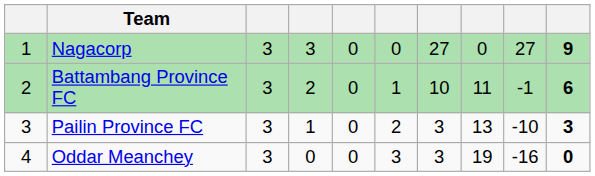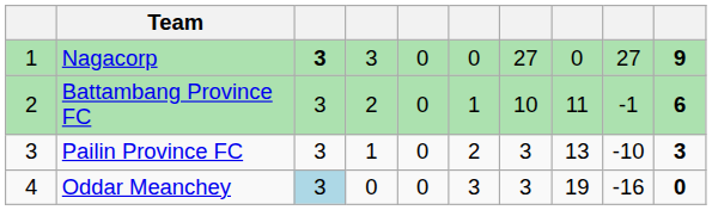 <table class="wikitable" style="text-align: center;">
 <tr>
 <th width=30></th>
 <th width=165>Team</th>
 <th width=30></th>
 <th width=30></th>
 <th width=30></th>
 <th width=30></th>
 <th width=30></th>
 <th width=30></th>
 <th width=30></th>
 <th width=30></th>
 </tr>
 <tr style="background:#ace1af;">
 <td>1</td>
 <td align=left><a href='#'>Nagacorp</a></td>
-<td>3</td>
+<td><strong>3</strong></td>
 <td>3</td>
 <td>0</td>
 <td>0</td>
 <td>27</td>
 <td>0</td>
 <td>27</td>
 <td><strong>9</strong></td>
 </tr>
 <tr style="background:#ace1af;">
 <td>2</td>
 <td align=left><a href='#'>Battambang Province FC</a></td>
 <td>3</td>
 <td>2</td>
 <td>0</td>
 <td>1</td>
 <td>10</td>
 <td>11</td>
 <td>-1</td>
 <td><strong>6</strong></td>
 </tr>
 <tr>
 <td>3</td>
 <td align=left><a href='#'>Pailin Province FC</a></td>
 <td>3</td>
 <td>1</td>
 <td>0</td>
 <td>2</td>
 <td>3</td>
 <td>13</td>
 <td>-10</td>
 <td><strong>3</strong></td>
 </tr>
 <tr>
 <td>4</td>
 <td align=left><a href='#'>Oddar Meanchey</a></td>
-<td>3</td>
+<td style="background: lightblue;">3</td>
 <td>0</td>
 <td>0</td>
 <td>3</td>
 <td>3</td>
 <td>19</td>
 <td>-16</td>
 <td><strong>0</strong></td>
 </tr>
 </table>
